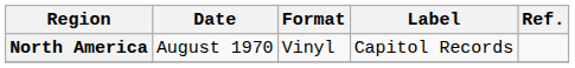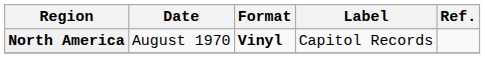 <table class="wikitable plainrowheaders">
 <tr>
 <th scope="col">Region</th>
 <th scope="col">Date</th>
 <th scope="col">Format</th>
 <th scope="col">Label</th>
 <th scope="col">Ref.</th>
 </tr>
 <tr>
 <th scope="row">North America</th>
 <td>August 1970</td>
-<td>Vinyl</td>
+<td><strong>Vinyl</strong></td>
 <td>Capitol Records</td>
 <td></td>
 </tr>
 <tr>
 </tr>
 </table>
